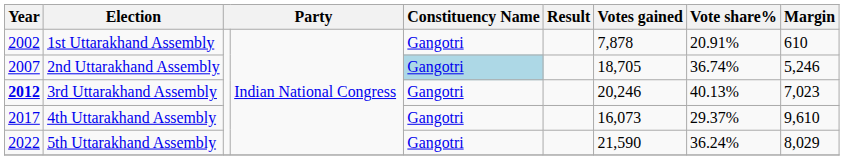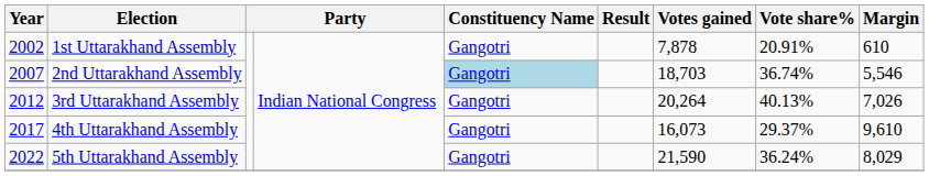 <table class="wikitable">
 <tr>
 <th>Year</th>
 <th>Election</th>
 <th colspan="2">Party</th>
 <th>Constituency Name</th>
 <th>Result</th>
 <th>Votes gained</th>
 <th>Vote share%</th>
 <th>Margin</th>
 </tr>
 <tr>
 <td><a href='#'>2002</a></td>
 <td><a href='#'>1st Uttarakhand Assembly</a></td>
 <td rowspan="5" style="background-color: "></td>
 <td rowspan="5"><a href='#'>Indian National Congress</a> </td>
 <td><a href='#'>Gangotri</a></td>
 <td></td>
 <td>7,878</td>
 <td>20.91%</td>
 <td>610</td>
 </tr>
 <tr>
 <td><a href='#'>2007</a></td>
 <td><a href='#'>2nd Uttarakhand Assembly</a></td>
 <td style="background: lightblue;"><a href='#'>Gangotri</a></td>
 <td></td>
-<td>18,705</td>
+<td>18,703</td>
 <td>36.74%</td>
-<td>5,246</td>
+<td>5,546</td>
 </tr>
 <tr>
-<td><strong><a href='#'>2012</a></strong></td>
+<td><a href='#'>2012</a></td>
 <td><a href='#'>3rd Uttarakhand Assembly</a></td>
 <td><a href='#'>Gangotri</a></td>
 <td></td>
-<td>20,246</td>
+<td>20,264</td>
 <td>40.13%</td>
-<td>7,023</td>
+<td>7,026</td>
 </tr>
 <tr>
 <td><a href='#'>2017</a></td>
 <td><a href='#'>4th Uttarakhand Assembly</a></td>
 <td><a href='#'>Gangotri</a></td>
 <td></td>
 <td>16,073</td>
 <td>29.37%</td>
 <td>9,610</td>
 </tr>
 <tr>
 <td><a href='#'>2022</a></td>
 <td><a href='#'>5th Uttarakhand Assembly</a></td>
 <td><a href='#'>Gangotri</a></td>
 <td></td>
 <td>21,590</td>
 <td>36.24%</td>
 <td>8,029</td>
 </tr>
 <tr>
 </tr>
 </table>
